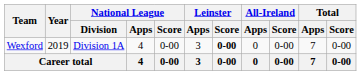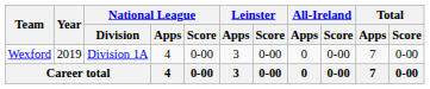 <table class="wikitable" style="text-align:center">
 <tr>
 <th rowspan="2">Team</th>
 <th rowspan="2">Year</th>
 <th colspan="3"><a href='#'>National League</a></th>
 <th colspan="2"><a href='#'>Leinster</a></th>
 <th colspan="2"><a href='#'>All-Ireland</a></th>
 <th colspan="2">Total</th>
 </tr>
 <tr>
 <th>Division</th>
 <th>Apps</th>
 <th>Score</th>
 <th>Apps</th>
 <th>Score</th>
 <th>Apps</th>
 <th>Score</th>
 <th>Apps</th>
 <th>Score</th>
 </tr>
 <tr>
 <td rowspan="1"><a href='#'>Wexford</a></td>
 <td>2019</td>
 <td rowspan="1"><a href='#'>Division 1A</a></td>
 <td>4</td>
 <td>0-00</td>
 <td>3</td>
-<td><strong>0-00</strong></td>
+<td>0-00</td>
 <td>0</td>
 <td>0-00</td>
 <td>7</td>
 <td>0-00</td>
 </tr>
 <tr>
 <th colspan="3">Career total</th>
 <th>4</th>
 <th>0-00</th>
 <th>3</th>
 <th>0-00</th>
 <th>0</th>
 <th>0-00</th>
 <th>7</th>
 <th>0-00</th>
 </tr>
 </table>
